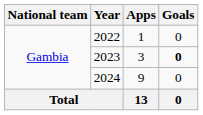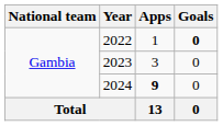 <table class="wikitable" style="text-align:center">
 <tr>
 <th>National team</th>
 <th>Year</th>
 <th>Apps</th>
 <th>Goals</th>
 </tr>
 <tr>
 <td rowspan="3"><a href='#'>Gambia</a></td>
 <td>2022</td>
 <td>1</td>
-<td>0</td>
+<td><strong>0</strong></td>
 </tr>
 <tr>
 <td>2023</td>
 <td>3</td>
-<td><strong>0</strong></td>
+<td>0</td>
 </tr>
 <tr>
 <td>2024</td>
-<td>9</td>
+<td><strong>9</strong></td>
 <td>0</td>
 </tr>
 <tr>
 <th colspan="2">Total</th>
 <th>13</th>
 <th>0</th>
 </tr>
 </table>
